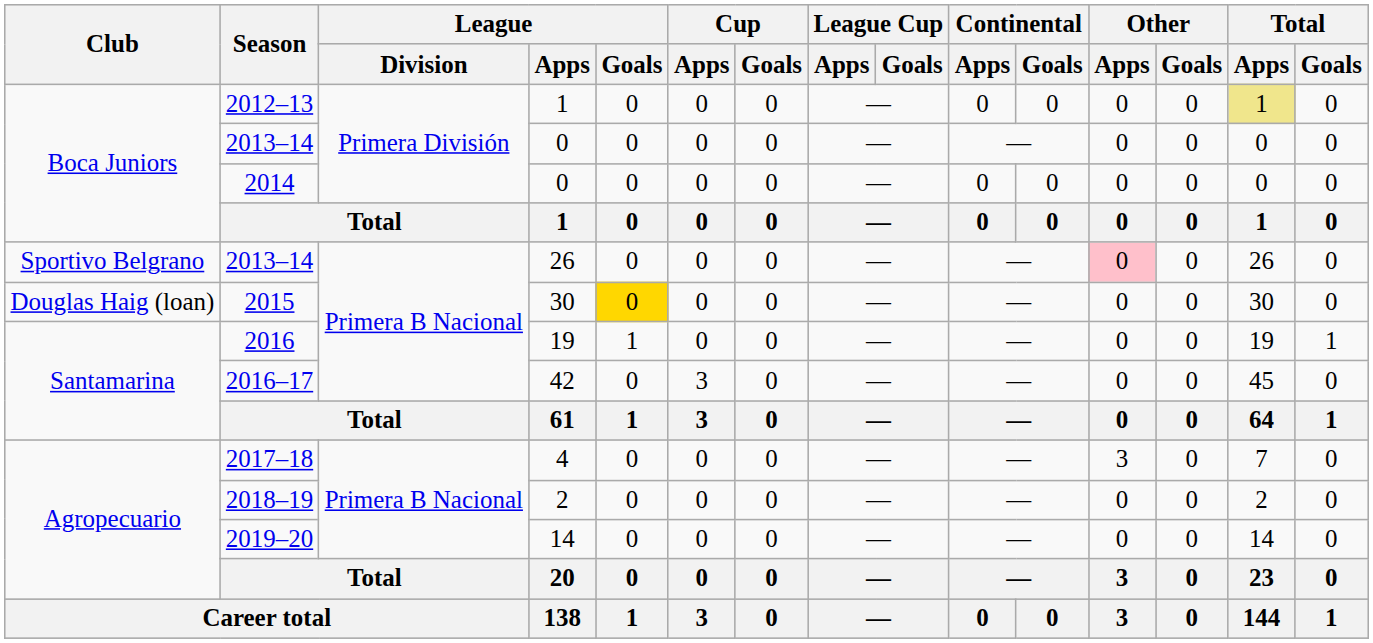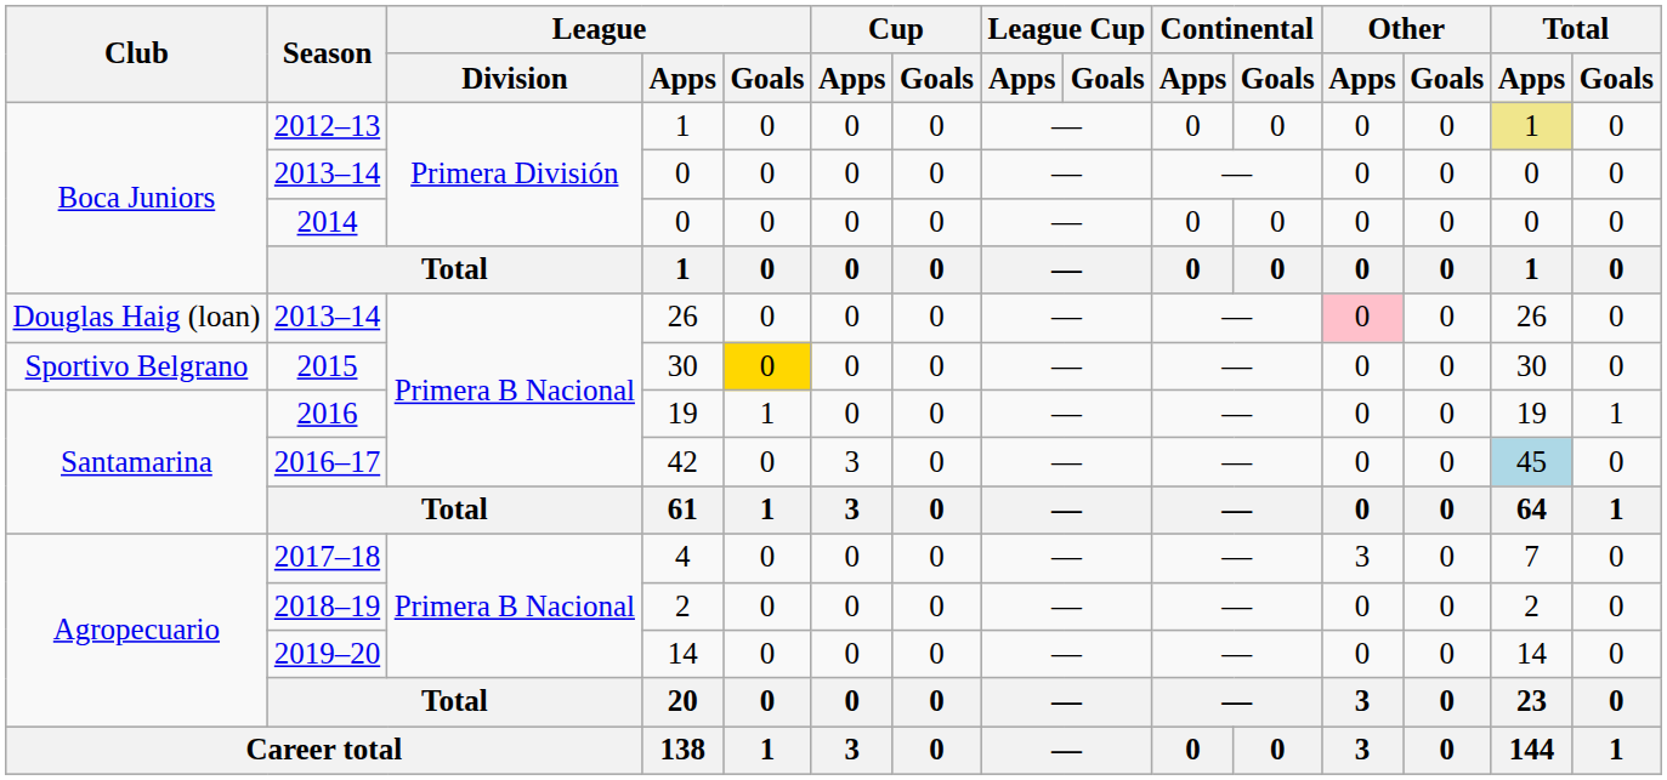 <table class="wikitable" style="text-align:center">
 <tr>
 <th rowspan="2">Club</th>
 <th rowspan="2">Season</th>
 <th colspan="3">League</th>
 <th colspan="2">Cup</th>
 <th colspan="2">League Cup</th>
 <th colspan="2">Continental</th>
 <th colspan="2">Other</th>
 <th colspan="2">Total</th>
 </tr>
 <tr>
 <th>Division</th>
 <th>Apps</th>
 <th>Goals</th>
 <th>Apps</th>
 <th>Goals</th>
 <th>Apps</th>
 <th>Goals</th>
 <th>Apps</th>
 <th>Goals</th>
 <th>Apps</th>
 <th>Goals</th>
 <th>Apps</th>
 <th>Goals</th>
 </tr>
 <tr>
 <td rowspan="4"><a href='#'>Boca Juniors</a></td>
 <td><a href='#'>2012–13</a></td>
 <td rowspan="3"><a href='#'>Primera División</a></td>
 <td>1</td>
 <td>0</td>
 <td>0</td>
 <td>0</td>
 <td colspan="2">—</td>
 <td>0</td>
 <td>0</td>
 <td>0</td>
 <td>0</td>
 <td style="background: khaki;">1</td>
 <td>0</td>
 </tr>
 <tr>
 <td><a href='#'>2013–14</a></td>
 <td>0</td>
 <td>0</td>
 <td>0</td>
 <td>0</td>
 <td colspan="2">—</td>
 <td colspan="2">—</td>
 <td>0</td>
 <td>0</td>
 <td>0</td>
 <td>0</td>
 </tr>
 <tr>
 <td><a href='#'>2014</a></td>
 <td>0</td>
 <td>0</td>
 <td>0</td>
 <td>0</td>
 <td colspan="2">—</td>
 <td>0</td>
 <td>0</td>
 <td>0</td>
 <td>0</td>
 <td>0</td>
 <td>0</td>
 </tr>
 <tr>
 <th colspan="2">Total</th>
 <th>1</th>
 <th>0</th>
 <th>0</th>
 <th>0</th>
 <th colspan="2">—</th>
 <th>0</th>
 <th>0</th>
 <th>0</th>
 <th>0</th>
 <th>1</th>
 <th>0</th>
 </tr>
 <tr>
-<td rowspan="1"><a href='#'>Sportivo Belgrano</a></td>
+<td rowspan="1"><a href='#'>Douglas Haig</a> (loan)</td>
 <td><a href='#'>2013–14</a></td>
 <td rowspan="4"><a href='#'>Primera B Nacional</a></td>
 <td>26</td>
 <td>0</td>
 <td>0</td>
 <td>0</td>
 <td colspan="2">—</td>
 <td colspan="2">—</td>
 <td style="background: pink;">0</td>
 <td>0</td>
 <td>26</td>
 <td>0</td>
 </tr>
 <tr>
-<td rowspan="1"><a href='#'>Douglas Haig</a> (loan)</td>
+<td rowspan="1"><a href='#'>Sportivo Belgrano</a></td>
 <td><a href='#'>2015</a></td>
 <td>30</td>
 <td style="background: gold;">0</td>
 <td>0</td>
 <td>0</td>
 <td colspan="2">—</td>
 <td colspan="2">—</td>
 <td>0</td>
 <td>0</td>
 <td>30</td>
 <td>0</td>
 </tr>
 <tr>
 <td rowspan="3"><a href='#'>Santamarina</a></td>
 <td><a href='#'>2016</a></td>
 <td>19</td>
 <td>1</td>
 <td>0</td>
 <td>0</td>
 <td colspan="2">—</td>
 <td colspan="2">—</td>
 <td>0</td>
 <td>0</td>
 <td>19</td>
 <td>1</td>
 </tr>
 <tr>
 <td><a href='#'>2016–17</a></td>
 <td>42</td>
 <td>0</td>
 <td>3</td>
 <td>0</td>
 <td colspan="2">—</td>
 <td colspan="2">—</td>
 <td>0</td>
 <td>0</td>
-<td>45</td>
+<td style="background: lightblue;">45</td>
 <td>0</td>
 </tr>
 <tr>
 <th colspan="2">Total</th>
 <th>61</th>
 <th>1</th>
 <th>3</th>
 <th>0</th>
 <th colspan="2">—</th>
 <th colspan="2">—</th>
 <th>0</th>
 <th>0</th>
 <th>64</th>
 <th>1</th>
 </tr>
 <tr>
 <td rowspan="4"><a href='#'>Agropecuario</a></td>
 <td><a href='#'>2017–18</a></td>
 <td rowspan="3"><a href='#'>Primera B Nacional</a></td>
 <td>4</td>
 <td>0</td>
 <td>0</td>
 <td>0</td>
 <td colspan="2">—</td>
 <td colspan="2">—</td>
 <td>3</td>
 <td>0</td>
 <td>7</td>
 <td>0</td>
 </tr>
 <tr>
 <td><a href='#'>2018–19</a></td>
 <td>2</td>
 <td>0</td>
 <td>0</td>
 <td>0</td>
 <td colspan="2">—</td>
 <td colspan="2">—</td>
 <td>0</td>
 <td>0</td>
 <td>2</td>
 <td>0</td>
 </tr>
 <tr>
 <td><a href='#'>2019–20</a></td>
 <td>14</td>
 <td>0</td>
 <td>0</td>
 <td>0</td>
 <td colspan="2">—</td>
 <td colspan="2">—</td>
 <td>0</td>
 <td>0</td>
 <td>14</td>
 <td>0</td>
 </tr>
 <tr>
 <th colspan="2">Total</th>
 <th>20</th>
 <th>0</th>
 <th>0</th>
 <th>0</th>
 <th colspan="2">—</th>
 <th colspan="2">—</th>
 <th>3</th>
 <th>0</th>
 <th>23</th>
 <th>0</th>
 </tr>
 <tr>
 <th colspan="3">Career total</th>
 <th>138</th>
 <th>1</th>
 <th>3</th>
 <th>0</th>
 <th colspan="2">—</th>
 <th>0</th>
 <th>0</th>
 <th>3</th>
 <th>0</th>
 <th>144</th>
 <th>1</th>
 </tr>
 </table>
